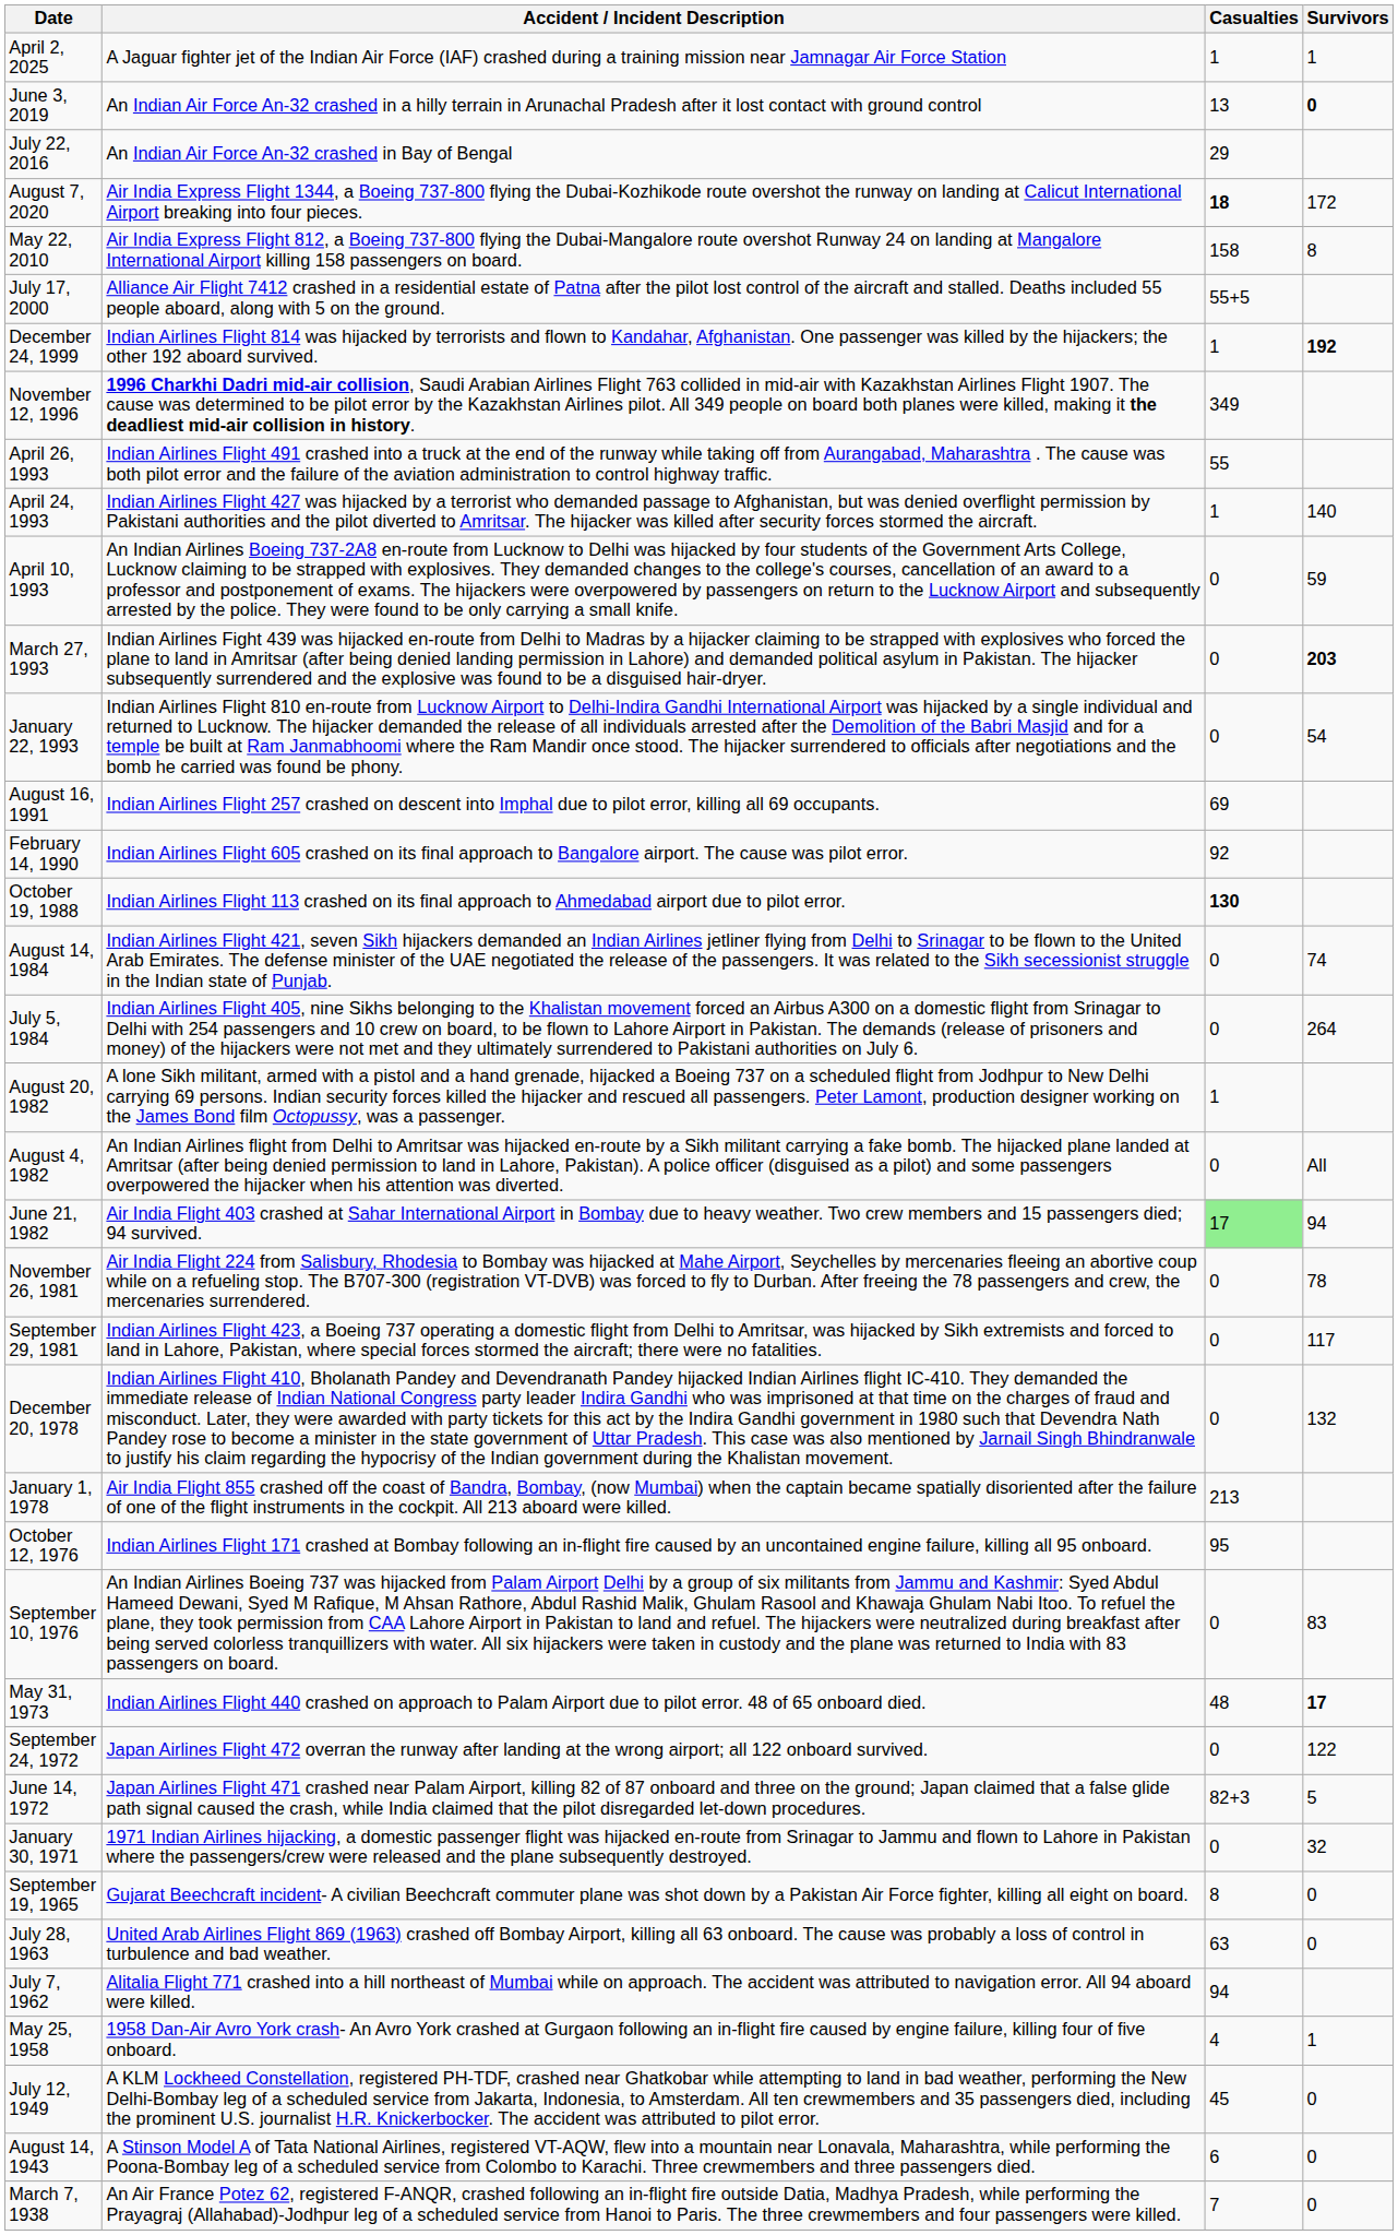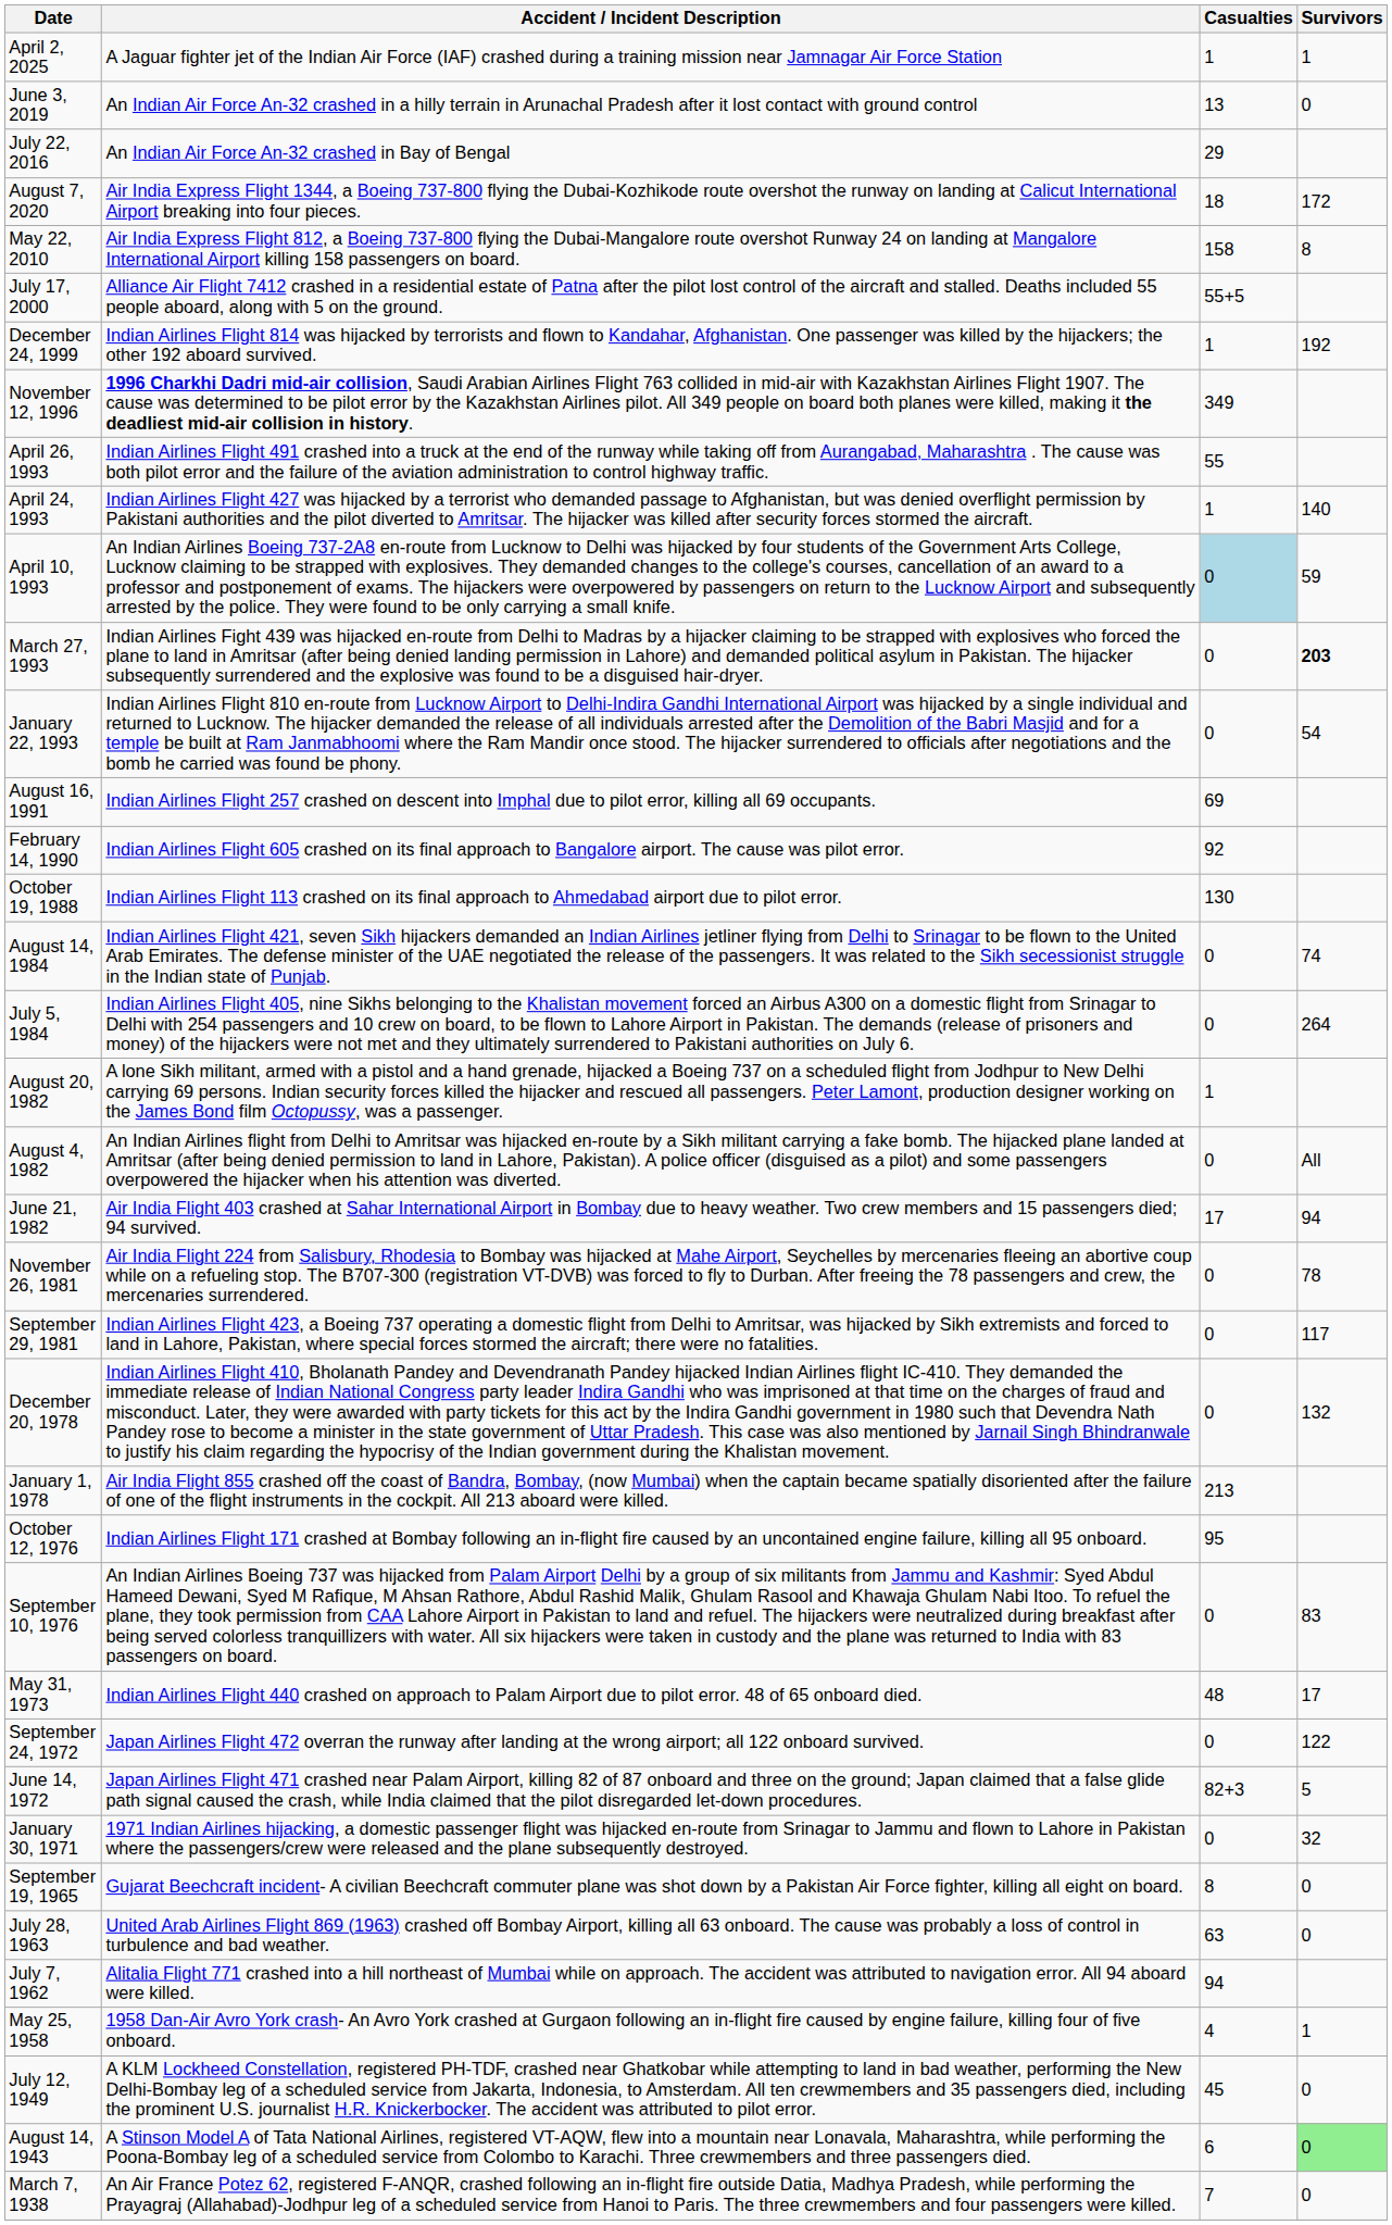 <table class="wikitable sortable">
 <tr>
 <th scope="col" style="width: 80px;">Date</th>
 <th>Accident / Incident Description</th>
 <th>Casualties</th>
 <th>Survivors</th>
 </tr>
 <tr>
 <td>April 2, 2025</td>
 <td>A Jaguar fighter jet of the Indian Air Force (IAF) crashed during a training mission near <a href='#'>Jamnagar Air Force Station</a></td>
 <td>1</td>
 <td>1</td>
 </tr>
 <tr>
 <td>June 3, 2019</td>
 <td>An <a href='#'>Indian Air Force An-32 crashed</a> in a hilly terrain in Arunachal Pradesh after it lost contact with ground control</td>
 <td>13</td>
-<td><strong>0</strong></td>
+<td>0</td>
 </tr>
 <tr>
 <td>July 22, 2016</td>
 <td>An <a href='#'>Indian Air Force An-32 crashed</a> in Bay of Bengal</td>
 <td>29</td>
 <td></td>
 </tr>
 <tr>
 <td>August 7, 2020</td>
 <td><a href='#'>Air India Express Flight 1344</a>, a <a href='#'>Boeing 737-800</a> flying the Dubai-Kozhikode route overshot the runway on landing at <a href='#'>Calicut International Airport</a> breaking into four pieces.</td>
-<td><strong>18</strong></td>
+<td>18</td>
 <td>172</td>
 </tr>
 <tr>
 <td>May 22, 2010</td>
 <td><a href='#'>Air India Express Flight 812</a>, a <a href='#'>Boeing 737-800</a> flying the Dubai-Mangalore route overshot Runway 24 on landing at <a href='#'>Mangalore International Airport</a> killing 158 passengers on board.</td>
 <td>158</td>
 <td>8</td>
 </tr>
 <tr>
 <td>July 17, 2000</td>
 <td><a href='#'>Alliance Air Flight 7412</a> crashed in a residential estate of <a href='#'>Patna</a> after the pilot lost control of the aircraft and stalled. Deaths included 55 people aboard, along with 5 on the ground.</td>
 <td>55+5</td>
 <td></td>
 </tr>
 <tr>
 <td>December 24, 1999</td>
 <td><a href='#'>Indian Airlines Flight 814</a> was hijacked by terrorists and flown to <a href='#'>Kandahar</a>, <a href='#'>Afghanistan</a>. One passenger was killed by the hijackers; the other 192 aboard survived.</td>
 <td>1</td>
-<td><strong>192</strong></td>
+<td>192</td>
 </tr>
 <tr>
 <td>November 12, 1996</td>
 <td><strong><a href='#'>1996 Charkhi Dadri mid-air collision</a></strong>, Saudi Arabian Airlines Flight 763 collided in mid-air with Kazakhstan Airlines Flight 1907. The cause was determined to be pilot error by the Kazakhstan Airlines pilot. All 349 people on board both planes were killed, making it <strong>the deadliest mid-air collision in history</strong>.</td>
 <td>349</td>
 <td></td>
 </tr>
 <tr>
 <td>April 26, 1993</td>
 <td><a href='#'>Indian Airlines Flight 491</a> crashed into a truck at the end of the runway while taking off from <a href='#'>Aurangabad, Maharashtra</a> . The cause was both pilot error and the failure of the aviation administration to control highway traffic.</td>
 <td>55</td>
 <td></td>
 </tr>
 <tr>
 <td>April 24, 1993</td>
 <td><a href='#'>Indian Airlines Flight 427</a> was hijacked by a terrorist who demanded passage to Afghanistan, but was denied overflight permission by Pakistani authorities and the pilot diverted to <a href='#'>Amritsar</a>. The hijacker was killed after security forces stormed the aircraft.</td>
 <td>1</td>
 <td>140</td>
 </tr>
 <tr>
 <td>April 10, 1993</td>
 <td>An Indian Airlines <a href='#'>Boeing 737-2A8</a> en-route from Lucknow to Delhi was hijacked by four students of the Government Arts College, Lucknow claiming to be strapped with explosives. They demanded changes to the college's courses, cancellation of an award to a professor and postponement of exams. The hijackers were overpowered by passengers on return to the <a href='#'>Lucknow Airport</a> and subsequently arrested by the police. They were found to be only carrying a small knife.</td>
-<td>0</td>
+<td style="background: lightblue;">0</td>
 <td>59</td>
 </tr>
 <tr>
 <td>March 27, 1993</td>
 <td>Indian Airlines Fight 439 was hijacked en-route from Delhi to Madras by a hijacker claiming to be strapped with explosives who forced the plane to land in Amritsar (after being denied landing permission in Lahore) and demanded political asylum in Pakistan. The hijacker subsequently surrendered and the explosive was found to be a disguised hair-dryer.</td>
 <td>0</td>
 <td><strong>203</strong></td>
 </tr>
 <tr>
 <td>January 22, 1993</td>
 <td>Indian Airlines Flight 810 en-route from <a href='#'>Lucknow Airport</a> to <a href='#'>Delhi-Indira Gandhi International Airport</a> was hijacked by a single individual and returned to Lucknow. The hijacker demanded the release of all individuals arrested after the <a href='#'>Demolition of the Babri Masjid</a> and for a <a href='#'>temple</a> be built at <a href='#'>Ram Janmabhoomi</a> where the Ram Mandir once stood. The hijacker surrendered to officials after negotiations and the bomb he carried was found be phony.</td>
 <td>0</td>
 <td>54</td>
 </tr>
 <tr>
 <td>August 16, 1991</td>
 <td><a href='#'>Indian Airlines Flight 257</a> crashed on descent into <a href='#'>Imphal</a> due to pilot error, killing all 69 occupants.</td>
 <td>69</td>
 <td></td>
 </tr>
 <tr>
 <td>February 14, 1990</td>
 <td><a href='#'>Indian Airlines Flight 605</a> crashed on its final approach to <a href='#'>Bangalore</a> airport. The cause was pilot error.</td>
 <td>92</td>
 <td></td>
 </tr>
 <tr>
 <td>October 19, 1988</td>
 <td><a href='#'>Indian Airlines Flight 113</a> crashed on its final approach to <a href='#'>Ahmedabad</a> airport due to pilot error.</td>
-<td><strong>130</strong></td>
+<td>130</td>
 <td></td>
 </tr>
 <tr>
 <td>August 14, 1984</td>
 <td><a href='#'>Indian Airlines Flight 421</a>, seven <a href='#'>Sikh</a> hijackers demanded an <a href='#'>Indian Airlines</a> jetliner flying from <a href='#'>Delhi</a> to <a href='#'>Srinagar</a> to be flown to the United Arab Emirates. The defense minister of the UAE negotiated the release of the passengers. It was related to the <a href='#'>Sikh secessionist struggle</a> in the Indian state of <a href='#'>Punjab</a>.</td>
 <td>0</td>
 <td>74</td>
 </tr>
 <tr>
 <td>July 5, 1984</td>
 <td><a href='#'>Indian Airlines Flight 405</a>, nine Sikhs belonging to the <a href='#'>Khalistan movement</a> forced an Airbus A300 on a domestic flight from Srinagar to Delhi with 254 passengers and 10 crew on board, to be flown to Lahore Airport in Pakistan. The demands (release of prisoners and money) of the hijackers were not met and they ultimately surrendered to Pakistani authorities on July 6.</td>
 <td>0</td>
 <td>264</td>
 </tr>
 <tr>
 <td>August 20, 1982</td>
 <td>A lone Sikh militant, armed with a pistol and a hand grenade, hijacked a Boeing 737 on a scheduled flight from Jodhpur to New Delhi carrying 69 persons. Indian security forces killed the hijacker and rescued all passengers. <a href='#'>Peter Lamont</a>, production designer working on the <a href='#'>James Bond</a> film <em><a href='#'>Octopussy</a></em>, was a passenger.</td>
 <td>1</td>
 <td></td>
 </tr>
 <tr>
 <td>August 4, 1982</td>
 <td>An Indian Airlines flight from Delhi to Amritsar was hijacked en-route by a Sikh militant carrying a fake bomb. The hijacked plane landed at Amritsar (after being denied permission to land in Lahore, Pakistan). A police officer (disguised as a pilot) and some passengers overpowered the hijacker when his attention was diverted.</td>
 <td>0</td>
 <td>All</td>
 </tr>
 <tr>
 <td>June 21, 1982</td>
 <td><a href='#'>Air India Flight 403</a> crashed at <a href='#'>Sahar International Airport</a> in <a href='#'>Bombay</a> due to heavy weather. Two crew members and 15 passengers died; 94 survived.</td>
-<td style="background: lightgreen;">17</td>
+<td>17</td>
 <td>94</td>
 </tr>
 <tr>
 <td>November 26, 1981</td>
 <td><a href='#'>Air India Flight 224</a> from <a href='#'>Salisbury, Rhodesia</a> to Bombay was hijacked at <a href='#'>Mahe Airport</a>, Seychelles by mercenaries fleeing an abortive coup while on a refueling stop. The B707-300 (registration VT-DVB) was forced to fly to Durban. After freeing the 78 passengers and crew, the mercenaries surrendered.</td>
 <td>0</td>
 <td>78</td>
 </tr>
 <tr>
 <td>September 29, 1981</td>
 <td><a href='#'>Indian Airlines Flight 423</a>, a Boeing 737 operating a domestic flight from Delhi to Amritsar, was hijacked by Sikh extremists and forced to land in Lahore, Pakistan, where special forces stormed the aircraft; there were no fatalities.</td>
 <td>0</td>
 <td>117</td>
 </tr>
 <tr>
 <td>December 20, 1978</td>
 <td><a href='#'>Indian Airlines Flight 410</a>, Bholanath Pandey and Devendranath Pandey hijacked Indian Airlines flight IC-410. They demanded the immediate release of <a href='#'>Indian National Congress</a> party leader <a href='#'>Indira Gandhi</a> who was imprisoned at that time on the charges of fraud and misconduct. Later, they were awarded with party tickets for this act by the Indira Gandhi government in 1980 such that Devendra Nath Pandey rose to become a minister in the state government of <a href='#'>Uttar Pradesh</a>. This case was also mentioned by <a href='#'>Jarnail Singh Bhindranwale</a> to justify his claim regarding the hypocrisy of the Indian government during the Khalistan movement.</td>
 <td>0</td>
 <td>132</td>
 </tr>
 <tr>
 <td>January 1, 1978</td>
 <td><a href='#'>Air India Flight 855</a> crashed off the coast of <a href='#'>Bandra</a>, <a href='#'>Bombay</a>, (now <a href='#'>Mumbai</a>) when the captain became spatially disoriented after the failure of one of the flight instruments in the cockpit. All 213 aboard were killed.</td>
 <td>213</td>
 <td></td>
 </tr>
 <tr>
 <td>October 12, 1976</td>
 <td><a href='#'>Indian Airlines Flight 171</a> crashed at Bombay following an in-flight fire caused by an uncontained engine failure, killing all 95 onboard.</td>
 <td>95</td>
 <td></td>
 </tr>
 <tr>
 <td>September 10, 1976</td>
 <td>An Indian Airlines Boeing 737 was hijacked from <a href='#'>Palam Airport</a> <a href='#'>Delhi</a> by a group of six militants from <a href='#'>Jammu and Kashmir</a>: Syed Abdul Hameed Dewani, Syed M Rafique, M Ahsan Rathore, Abdul Rashid Malik, Ghulam Rasool and Khawaja Ghulam Nabi Itoo. To refuel the plane, they took permission from <a href='#'>CAA</a> Lahore Airport in Pakistan to land and refuel. The hijackers were neutralized during breakfast after being served colorless tranquillizers with water. All six hijackers were taken in custody and the plane was returned to India with 83 passengers on board.</td>
 <td>0</td>
 <td>83</td>
 </tr>
 <tr>
 <td>May 31, 1973</td>
 <td><a href='#'>Indian Airlines Flight 440</a> crashed on approach to Palam Airport due to pilot error. 48 of 65 onboard died.</td>
 <td>48</td>
-<td><strong>17</strong></td>
+<td>17</td>
 </tr>
 <tr>
 <td>September 24, 1972</td>
 <td><a href='#'>Japan Airlines Flight 472</a> overran the runway after landing at the wrong airport; all 122 onboard survived.</td>
 <td>0</td>
 <td>122</td>
 </tr>
 <tr>
 <td>June 14, 1972</td>
 <td><a href='#'>Japan Airlines Flight 471</a> crashed near Palam Airport, killing 82 of 87 onboard and three on the ground; Japan claimed that a false glide path signal caused the crash, while India claimed that the pilot disregarded let-down procedures.</td>
 <td>82+3</td>
 <td>5</td>
 </tr>
 <tr>
 <td>January 30, 1971</td>
 <td><a href='#'>1971 Indian Airlines hijacking</a>, a domestic passenger flight was hijacked en-route from Srinagar to Jammu and flown to Lahore in Pakistan where the passengers/crew were released and the plane subsequently destroyed.</td>
 <td>0</td>
 <td>32</td>
 </tr>
 <tr>
 <td>September 19, 1965</td>
 <td><a href='#'>Gujarat Beechcraft incident</a>- A civilian Beechcraft commuter plane was shot down by a Pakistan Air Force fighter, killing all eight on board.</td>
 <td>8</td>
 <td>0</td>
 </tr>
 <tr>
 <td>July 28, 1963</td>
 <td><a href='#'>United Arab Airlines Flight 869 (1963)</a> crashed off Bombay Airport, killing all 63 onboard. The cause was probably a loss of control in turbulence and bad weather.</td>
 <td>63</td>
 <td>0</td>
 </tr>
 <tr>
 <td>July 7, 1962</td>
 <td><a href='#'>Alitalia Flight 771</a> crashed into a hill northeast of <a href='#'>Mumbai</a> while on approach. The accident was attributed to navigation error. All 94 aboard were killed.</td>
 <td>94</td>
 <td></td>
 </tr>
 <tr>
 <td>May 25, 1958</td>
 <td><a href='#'>1958 Dan-Air Avro York crash</a>- An Avro York crashed at Gurgaon following an in-flight fire caused by engine failure, killing four of five onboard.</td>
 <td>4</td>
 <td>1</td>
 </tr>
 <tr>
 <td>July 12, 1949</td>
 <td>A KLM <a href='#'>Lockheed Constellation</a>, registered PH-TDF, crashed near Ghatkobar while attempting to land in bad weather, performing the New Delhi-Bombay leg of a scheduled service from Jakarta, Indonesia, to Amsterdam. All ten crewmembers and 35 passengers died, including the prominent U.S. journalist <a href='#'>H.R. Knickerbocker</a>. The accident was attributed to pilot error.</td>
 <td>45</td>
 <td>0</td>
 </tr>
 <tr>
 <td>August 14, 1943</td>
 <td>A <a href='#'>Stinson Model A</a> of Tata National Airlines, registered VT-AQW, flew into a mountain near Lonavala, Maharashtra, while performing the Poona-Bombay leg of a scheduled service from Colombo to Karachi. Three crewmembers and three passengers died.</td>
 <td>6</td>
-<td>0</td>
+<td style="background: lightgreen;">0</td>
 </tr>
 <tr>
 <td>March 7, 1938</td>
 <td>An Air France <a href='#'>Potez 62</a>, registered F-ANQR, crashed following an in-flight fire outside Datia, Madhya Pradesh, while performing the Prayagraj (Allahabad)-Jodhpur leg of a scheduled service from Hanoi to Paris. The three crewmembers and four passengers were killed.</td>
 <td>7</td>
 <td>0</td>
 </tr>
 <tr>
 </tr>
 </table>
